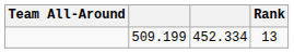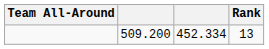 <table class=wikitable style="font-size:90%; text-align: center">
 <tr>
 <th>Team All-Around</th>
 <th></th>
 <th></th>
 <th>Rank</th>
 </tr>
 <tr align=center>
 <td align=left></td>
-<td align=center>509.199</td>
+<td align=center>509.200</td>
 <td align=center>452.334</td>
 <td align=center>13</td>
 </tr>
 </table>
